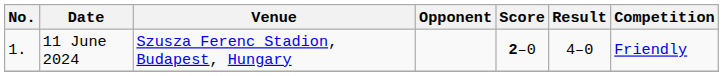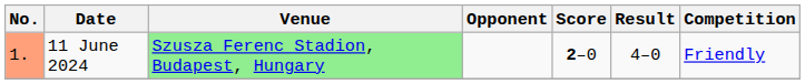 <table class="wikitable">
 <tr>
 <th>No.</th>
 <th>Date</th>
 <th>Venue</th>
 <th>Opponent</th>
 <th>Score</th>
 <th>Result</th>
 <th>Competition</th>
 </tr>
 <tr>
-<td>1.</td>
+<td style="background: lightsalmon;">1.</td>
 <td>11 June 2024</td>
-<td><a href='#'>Szusza Ferenc Stadion</a>, <a href='#'>Budapest</a>, <a href='#'>Hungary</a></td>
+<td style="background: lightgreen;"><a href='#'>Szusza Ferenc Stadion</a>, <a href='#'>Budapest</a>, <a href='#'>Hungary</a></td>
 <td></td>
 <td align=center><strong>2</strong>–0</td>
 <td align=center>4–0</td>
 <td><a href='#'>Friendly</a></td>
 </tr>
 <tr>
 </tr>
 </table>
